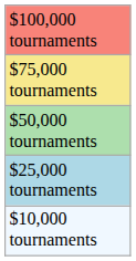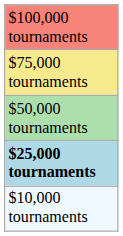 <table class="wikitable" style="font-size:85%;" width=11%>
 <tr bgcolor="#F88379">
 <td>$100,000 tournaments</td>
 </tr>
 <tr bgcolor="#F7E98E">
 <td>$75,000 tournaments</td>
 </tr>
 <tr bgcolor="#ADDFAD">
 <td>$50,000 tournaments</td>
 </tr>
 <tr bgcolor="lightblue">
-<td>$25,000 tournaments</td>
+<td><strong>$25,000 tournaments</strong></td>
 </tr>
 <tr bgcolor="#f0f8ff">
 <td>$10,000 tournaments</td>
 </tr>
 </table>
